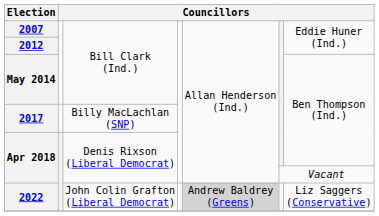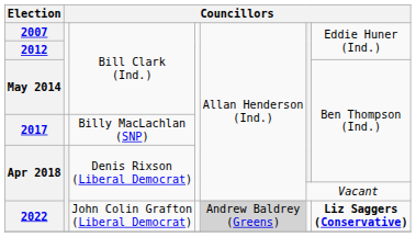 <table class="wikitable" style="text-align:center">
 <tr>
 <th>Election</th>
 <th colspan=8>Councillors</th>
 </tr>
 <tr>
 <th><a href='#'>2007</a></th>
 <td rowspan=3; style="background-color: "></td>
 <td rowspan=3>Bill Clark<br>(Ind.)</td>
 <td rowspan=6; style="background-color: "></td>
 <td rowspan=6>Allan Henderson<br>(Ind.)</td>
 <th rowspan="5" ; style="height: 180px; background-color: "></th>
 <td rowspan=2>Eddie Huner<br>(Ind.)</td>
 </tr>
 <tr>
 <th><a href='#'>2012</a></th>
 </tr>
 <tr>
 <th>May 2014</th>
 <td rowspan=3>Ben Thompson<br>(Ind.)</td>
 </tr>
 <tr>
 <th><a href='#'>2017</a></th>
 <td rowspan=1; style="background-color: "></td>
 <td rowspan="1">Billy MacLachlan <br>(<a href='#'>SNP</a>)</td>
 </tr>
 <tr>
 <th rowspan="2">Apr 2018</th>
 <th rowspan="3" ; style="background-color: "></th>
 <td rowspan="2">Denis Rixson <br>(<a href='#'>Liberal Democrat</a>)</td>
 </tr>
 <tr>
 <td colspan="2" ; rowspan="1" ; style="background-color: "><em>Vacant</em></td>
 </tr>
 <tr>
 <th><a href='#'>2022</a></th>
 <td rowspan="1">John Colin Grafton<br>(<a href='#'>Liberal Democrat</a>)</td>
 <td rowspan=1; style="background-color: "></td>
 <td rowspan="1" style="background: lightgrey;">Andrew Baldrey <br>(<a href='#'>Greens</a>)</td>
 <td rowspan=1; style="background-color: "></td>
-<td rowspan="1">Liz Saggers <br>(<a href='#'>Conservative</a>)</td>
+<td rowspan="1"><strong>Liz Saggers <br>(<a href='#'>Conservative</a>)</strong></td>
 </tr>
 <tr>
 </tr>
 </table>
